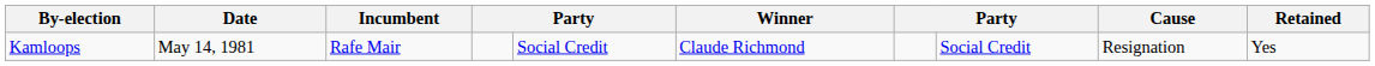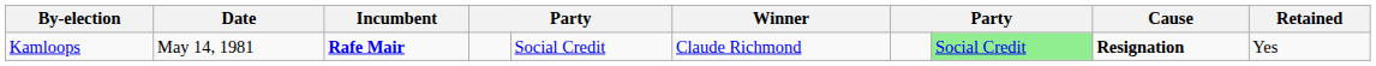 <table class=wikitable style="width:100%">
 <tr>
 <th>By-election</th>
 <th>Date</th>
 <th>Incumbent</th>
 <th colspan=2>Party</th>
 <th>Winner</th>
 <th colspan=2>Party</th>
 <th>Cause</th>
 <th>Retained</th>
 </tr>
 <tr>
 <td><a href='#'>Kamloops</a></td>
 <td>May 14, 1981</td>
-<td><a href='#'>Rafe Mair</a></td>
+<td><strong><a href='#'>Rafe Mair</a></strong></td>
 <td>    </td>
 <td><a href='#'>Social Credit</a></td>
 <td><a href='#'>Claude Richmond</a></td>
 <td>    </td>
-<td><a href='#'>Social Credit</a></td>
-<td>Resignation</td>
+<td style="background: lightgreen;"><a href='#'>Social Credit</a></td>
+<td><strong>Resignation</strong></td>
 <td>Yes</td>
 </tr>
 </table>
